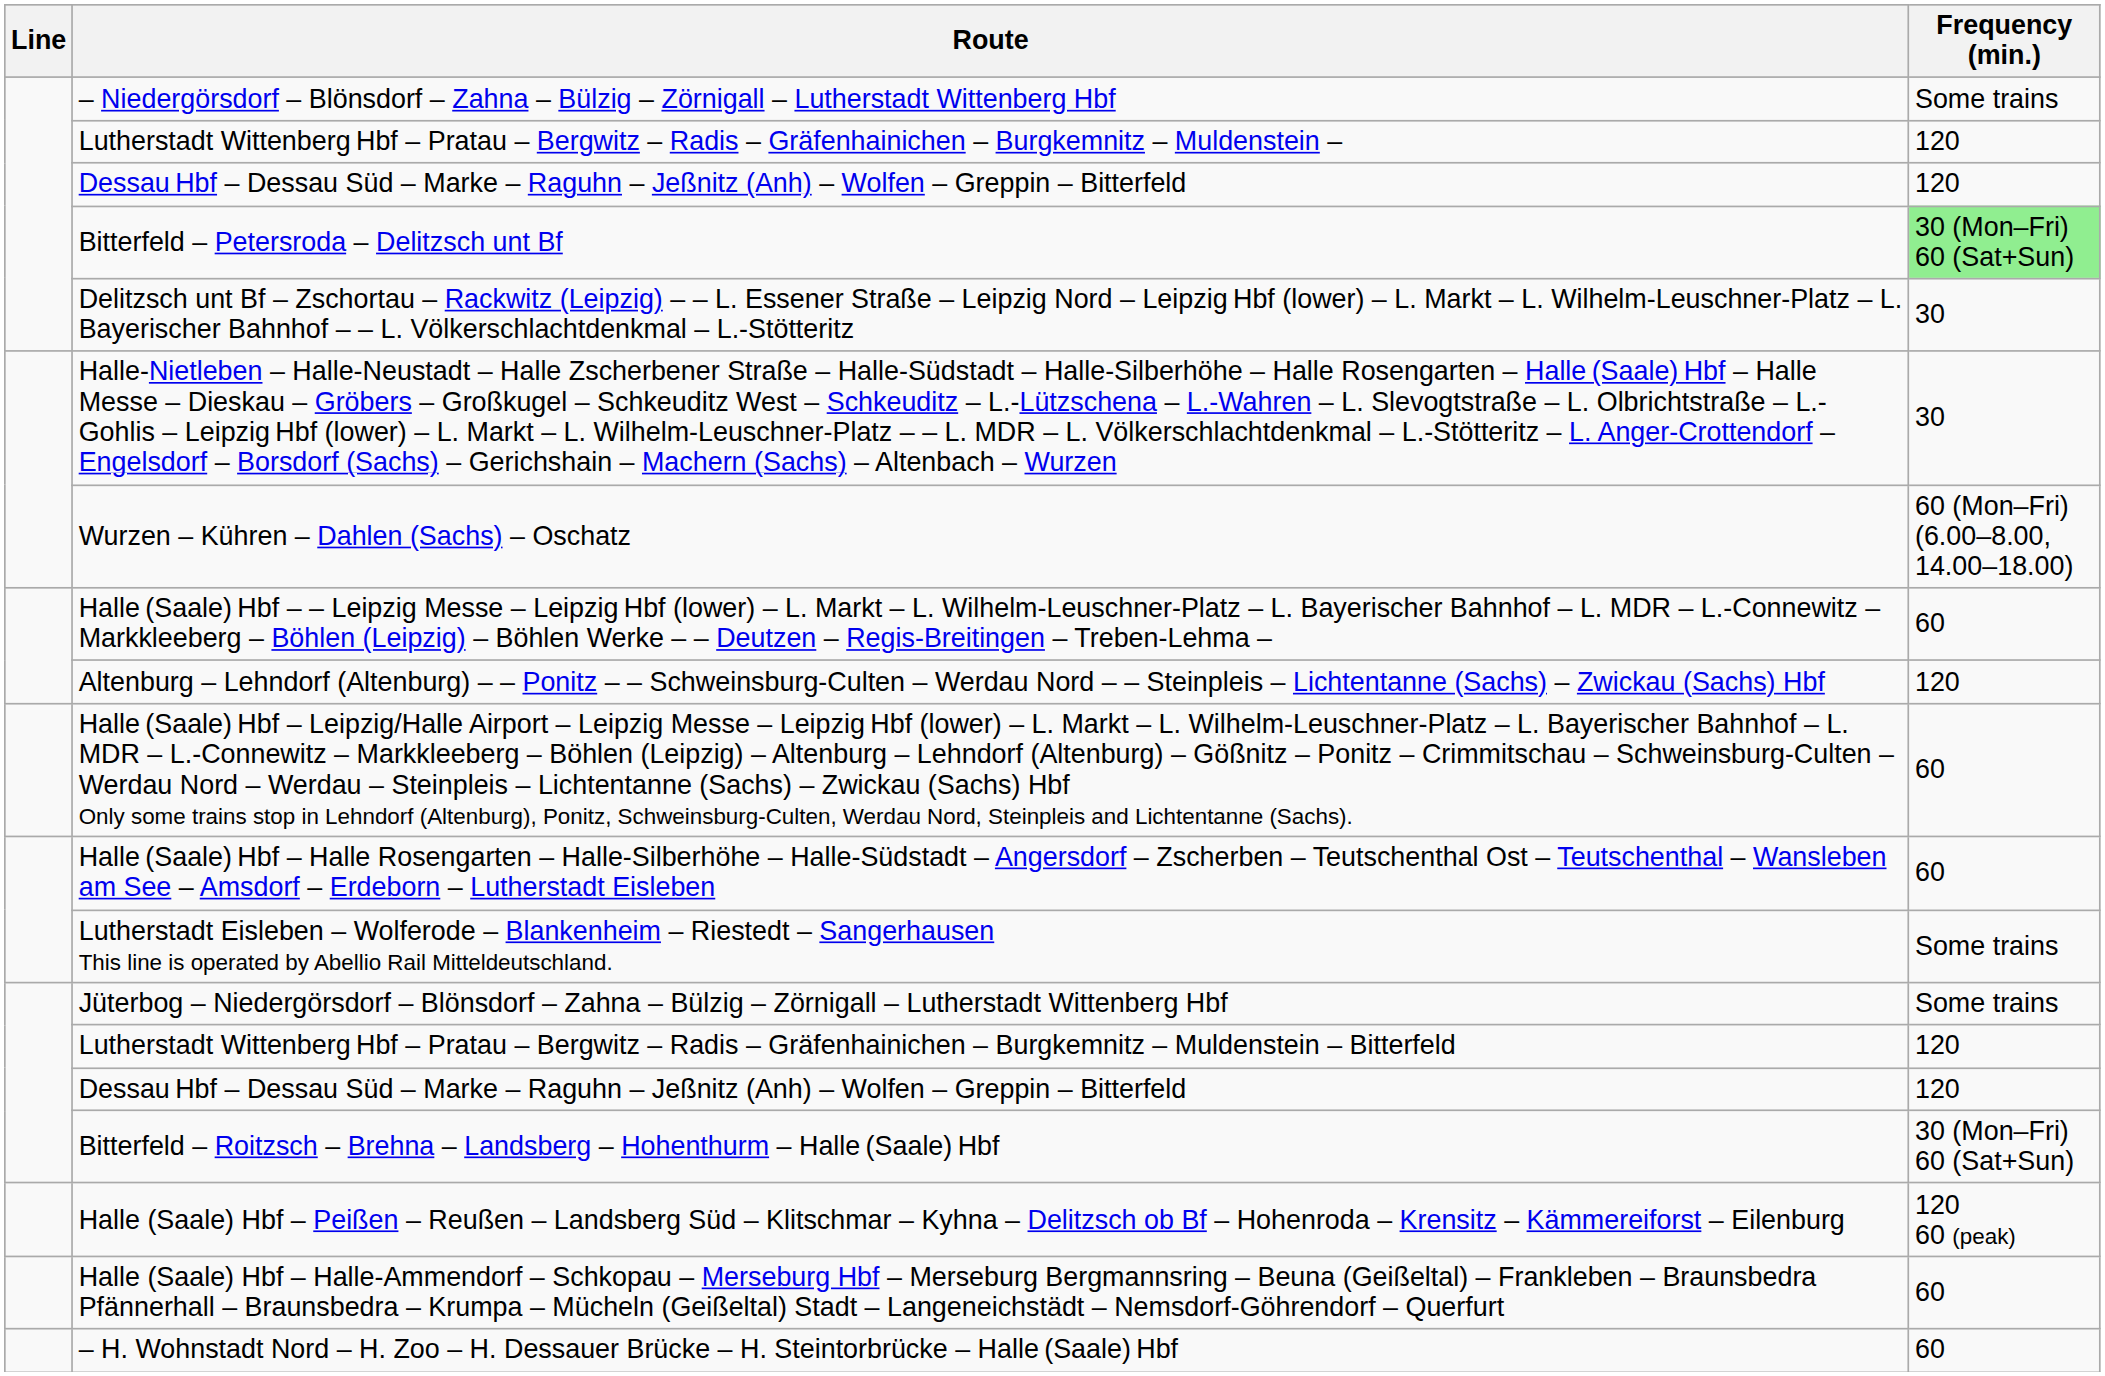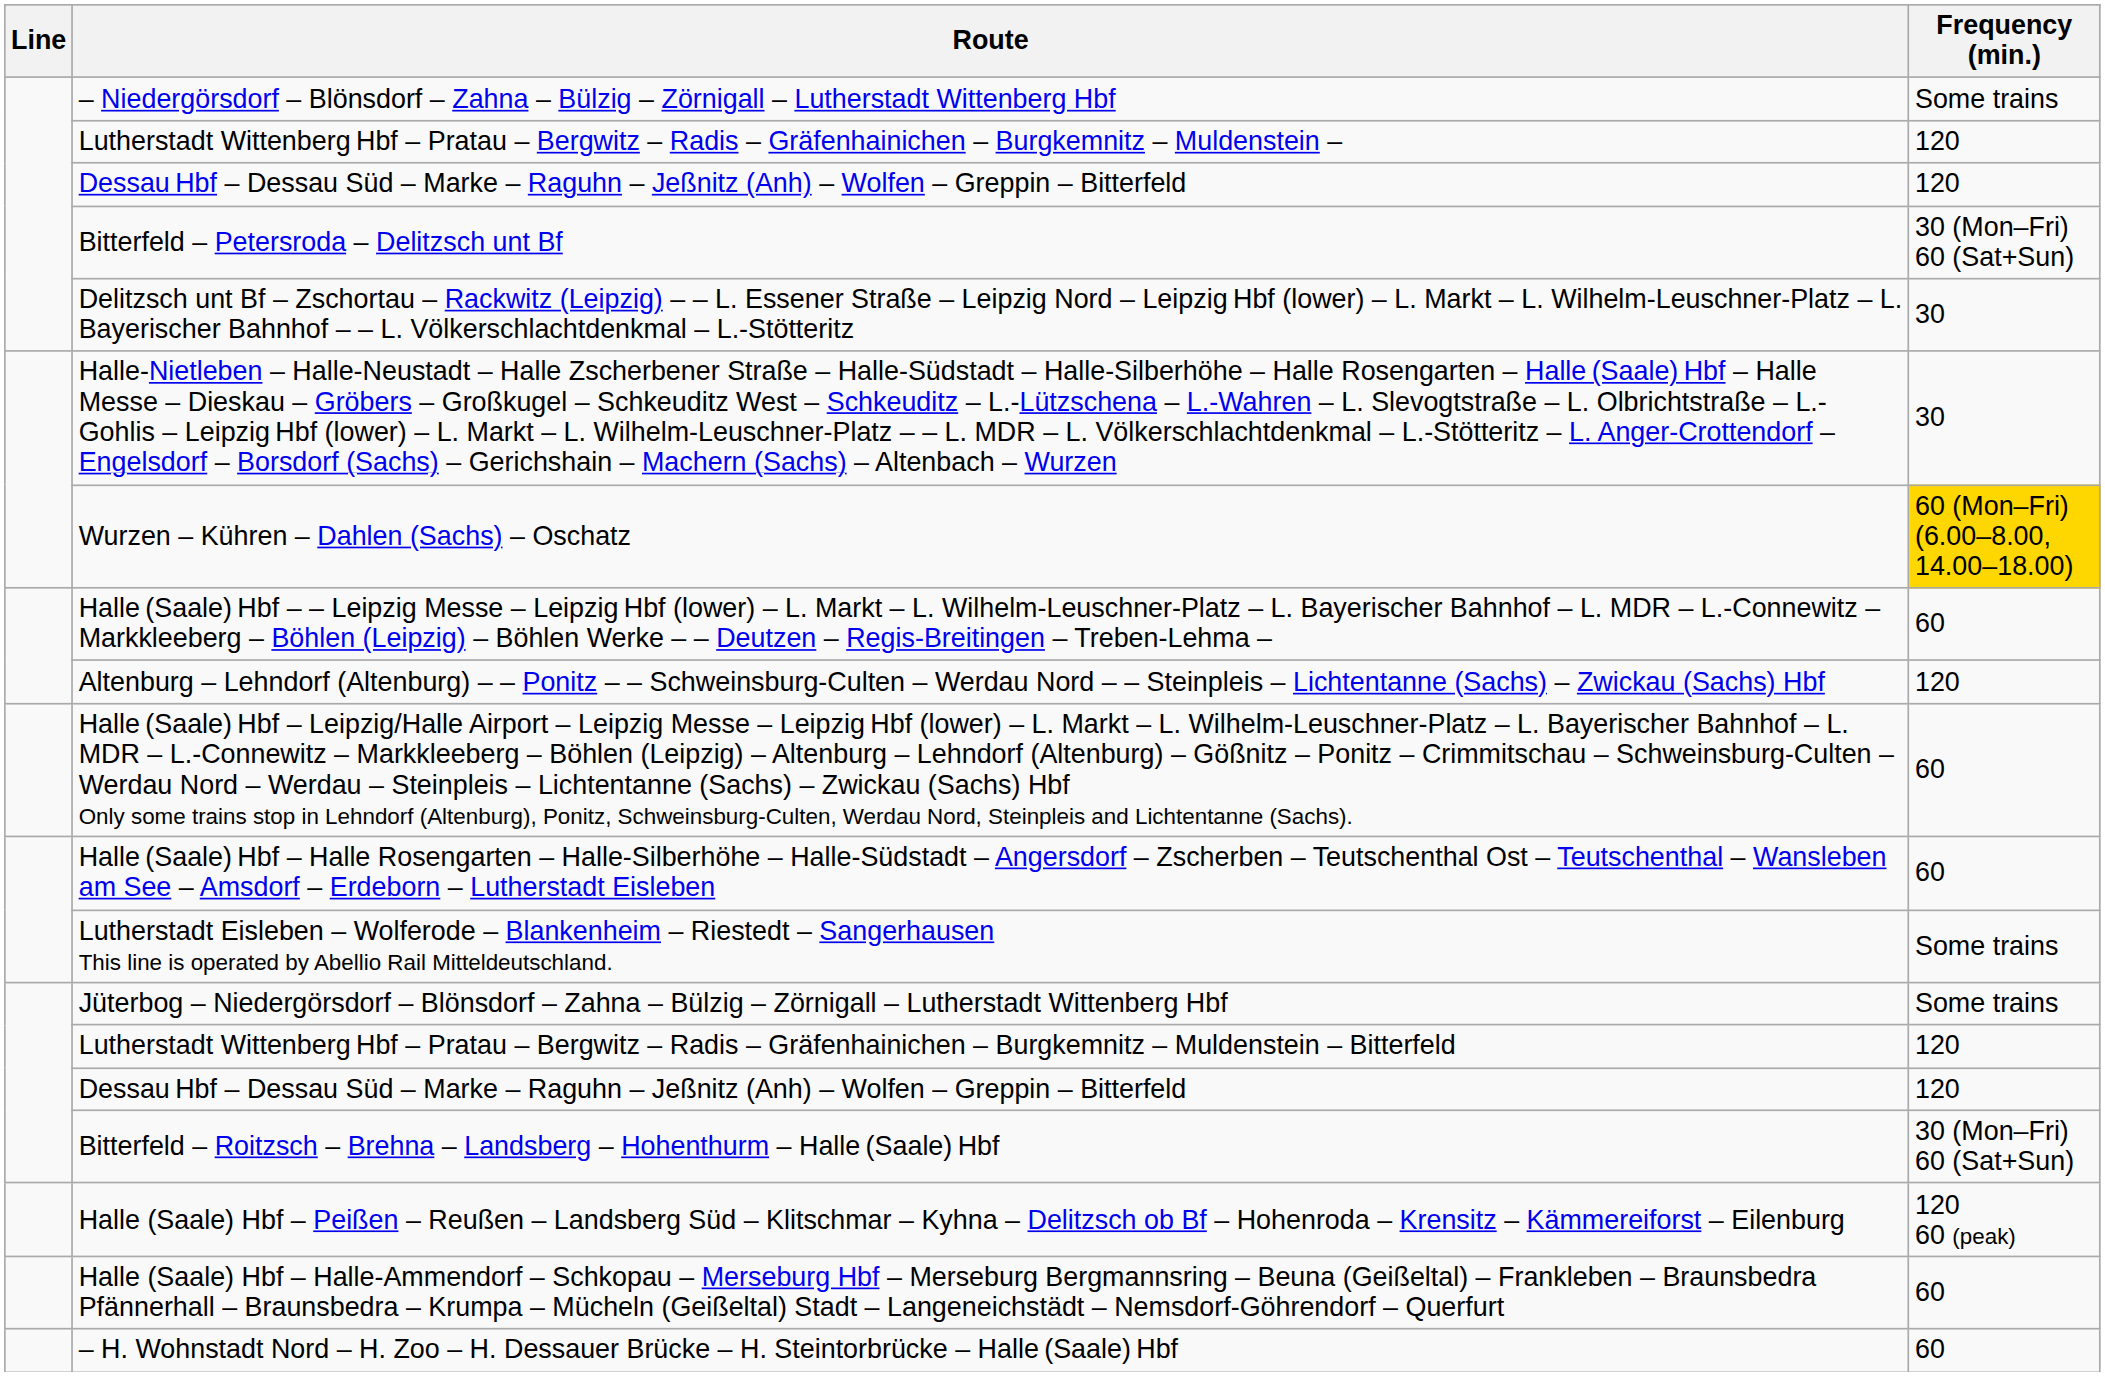 <table class="wikitable">
 <tr class=>
 <th>Line</th>
 <th>Route</th>
 <th>Frequency (min.)</th>
 </tr>
 <tr>
 <td rowspan="5" style="text-align:center"></td>
 <td> – <a href='#'>Niedergörsdorf</a> – Blönsdorf – <a href='#'>Zahna</a> – <a href='#'>Bülzig</a> – <a href='#'>Zörnigall</a> – <a href='#'>Lutherstadt Wittenberg Hbf</a></td>
 <td>Some trains</td>
 </tr>
 <tr>
 <td>Lutherstadt Wittenberg Hbf – Pratau – <a href='#'>Bergwitz</a> – <a href='#'>Radis</a> – <a href='#'>Gräfenhainichen</a> – <a href='#'>Burgkemnitz</a> – <a href='#'>Muldenstein</a> – </td>
 <td>120</td>
 </tr>
 <tr>
 <td><a href='#'>Dessau Hbf</a> – Dessau Süd – Marke – <a href='#'>Raguhn</a> – <a href='#'>Jeßnitz (Anh)</a> – <a href='#'>Wolfen</a> – Greppin – Bitterfeld</td>
 <td>120</td>
 </tr>
 <tr>
 <td>Bitterfeld – <a href='#'>Petersroda</a> – <a href='#'>Delitzsch unt Bf</a></td>
-<td style="background: lightgreen;">30 (Mon–Fri)<br>60 (Sat+Sun)</td>
+<td>30 (Mon–Fri)<br>60 (Sat+Sun)</td>
 </tr>
 <tr>
 <td>Delitzsch unt Bf – Zschortau – <a href='#'>Rackwitz (Leipzig)</a> –  – L. Essener Straße – Leipzig Nord – Leipzig Hbf (lower) – L. Markt – L. Wilhelm-Leuschner-Platz – L. Bayerischer Bahnhof –  – L. Völkerschlachtdenkmal – L.-Stötteritz</td>
 <td>30</td>
 </tr>
 <tr>
 <td rowspan="2" style="text-align:center"></td>
 <td>Halle-<a href='#'>Nietleben</a> – Halle-Neustadt – Halle Zscherbener Straße – Halle-Südstadt – Halle-Silberhöhe – Halle Rosengarten – <a href='#'>Halle (Saale) Hbf</a> – Halle Messe – Dieskau – <a href='#'>Gröbers</a> – Großkugel – Schkeuditz West – <a href='#'>Schkeuditz</a> – L.-<a href='#'>Lützschena</a> – <a href='#'>L.-Wahren</a> – L. Slevogtstraße – L. Olbrichtstraße – L.-Gohlis – Leipzig Hbf (lower) – L. Markt – L. Wilhelm-Leuschner-Platz –  – L. MDR – L. Völkerschlachtdenkmal – L.-Stötteritz – <a href='#'>L. Anger-Crottendorf</a> – <a href='#'>Engelsdorf</a> – <a href='#'>Borsdorf (Sachs)</a> – Gerichshain – <a href='#'>Machern (Sachs)</a> – Altenbach –  <a href='#'>Wurzen</a></td>
 <td>30</td>
 </tr>
 <tr>
 <td>Wurzen – Kühren – <a href='#'>Dahlen (Sachs)</a> – Oschatz</td>
-<td>60 (Mon–Fri)<br>(6.00–8.00, 14.00–18.00)</td>
+<td style="background: gold;">60 (Mon–Fri)<br>(6.00–8.00, 14.00–18.00)</td>
 </tr>
 <tr>
 <td rowspan="2" style="text-align:center"></td>
 <td>Halle (Saale) Hbf –  – Leipzig Messe – Leipzig Hbf (lower) – L. Markt – L. Wilhelm-Leuschner-Platz – L. Bayerischer Bahnhof – L. MDR – L.-Connewitz –  Markkleeberg – <a href='#'>Böhlen (Leipzig)</a> – Böhlen Werke –  – <a href='#'>Deutzen</a> – <a href='#'>Regis-Breitingen</a> – Treben-Lehma – </td>
 <td>60</td>
 </tr>
 <tr>
 <td>Altenburg – Lehndorf (Altenburg) –  – <a href='#'>Ponitz</a> –  – Schweinsburg-Culten – Werdau Nord –  – Steinpleis – <a href='#'>Lichtentanne (Sachs)</a> – <a href='#'>Zwickau (Sachs) Hbf</a></td>
 <td>120</td>
 </tr>
 <tr>
 <td style="text-align:center"></td>
 <td>Halle (Saale) Hbf – Leipzig/Halle Airport – Leipzig Messe – Leipzig Hbf (lower) – L. Markt – L. Wilhelm-Leuschner-Platz – L. Bayerischer Bahnhof – L. MDR – L.-Connewitz –  Markkleeberg – Böhlen (Leipzig) – Altenburg – Lehndorf (Altenburg) – Gößnitz – Ponitz – Crimmitschau – Schweinsburg-Culten – Werdau Nord – Werdau – Steinpleis – Lichtentanne (Sachs) – Zwickau (Sachs) Hbf<br><small>Only some trains stop in Lehndorf (Altenburg), Ponitz, Schweinsburg-Culten, Werdau Nord, Steinpleis and Lichtentanne (Sachs).</small></td>
 <td>60</td>
 </tr>
 <tr>
 <td rowspan="2" style="text-align:center"></td>
 <td>Halle (Saale) Hbf – Halle Rosengarten – Halle-Silberhöhe – Halle-Südstadt – <a href='#'>Angersdorf</a> – Zscherben – Teutschenthal Ost – <a href='#'>Teutschenthal</a> – <a href='#'>Wansleben am See</a> – <a href='#'>Amsdorf</a> –  <a href='#'>Erdeborn</a> – <a href='#'>Lutherstadt Eisleben</a></td>
 <td>60</td>
 </tr>
 <tr>
 <td>Lutherstadt Eisleben – Wolferode – <a href='#'>Blankenheim</a> – Riestedt – <a href='#'>Sangerhausen</a><br><small>This line is operated by Abellio Rail Mitteldeutschland.</small></td>
 <td>Some trains</td>
 </tr>
 <tr>
 <td rowspan="4" style="text-align:center"></td>
 <td>Jüterbog – Niedergörsdorf – Blönsdorf – Zahna – Bülzig – Zörnigall – Lutherstadt Wittenberg Hbf</td>
 <td>Some trains</td>
 </tr>
 <tr>
 <td>Lutherstadt Wittenberg Hbf – Pratau – Bergwitz – Radis – Gräfenhainichen – Burgkemnitz – Muldenstein – Bitterfeld</td>
 <td>120</td>
 </tr>
 <tr>
 <td>Dessau Hbf – Dessau Süd – Marke – Raguhn – Jeßnitz (Anh) – Wolfen – Greppin – Bitterfeld</td>
 <td>120</td>
 </tr>
 <tr>
 <td>Bitterfeld – <a href='#'>Roitzsch</a> – <a href='#'>Brehna</a> – <a href='#'>Landsberg</a> – <a href='#'>Hohenthurm</a> – Halle (Saale) Hbf</td>
 <td>30 (Mon–Fri)<br>60 (Sat+Sun)</td>
 </tr>
 <tr>
 <td style="text-align:center"></td>
 <td>Halle (Saale) Hbf – <a href='#'>Peißen</a> – Reußen – Landsberg Süd – Klitschmar – Kyhna – <a href='#'>Delitzsch ob Bf</a> – Hohenroda – <a href='#'>Krensitz</a> – <a href='#'>Kämmereiforst</a> – Eilenburg</td>
 <td>120<br>60 <small>(peak)</small></td>
 </tr>
 <tr>
 <td style="text-align:center"></td>
 <td>Halle (Saale) Hbf – Halle-Ammendorf – Schkopau – <a href='#'>Merseburg Hbf</a> – Merseburg Bergmannsring – Beuna (Geißeltal) – Frankleben – Braunsbedra Pfännerhall – Braunsbedra – Krumpa – Mücheln (Geißeltal) Stadt – Langeneichstädt – Nemsdorf-Göhrendorf – Querfurt</td>
 <td>60</td>
 </tr>
 <tr>
 <td style="text-align:center"></td>
 <td> – H. Wohnstadt Nord – H. Zoo – H. Dessauer Brücke – H. Steintorbrücke – Halle (Saale) Hbf</td>
 <td>60</td>
 </tr>
 </table>
